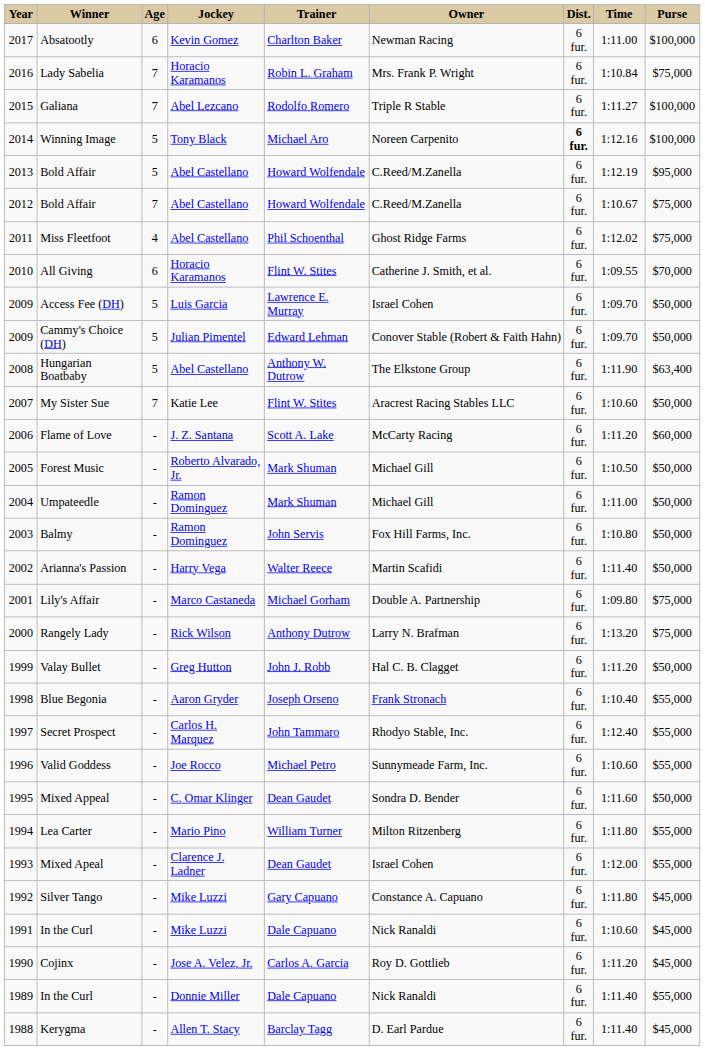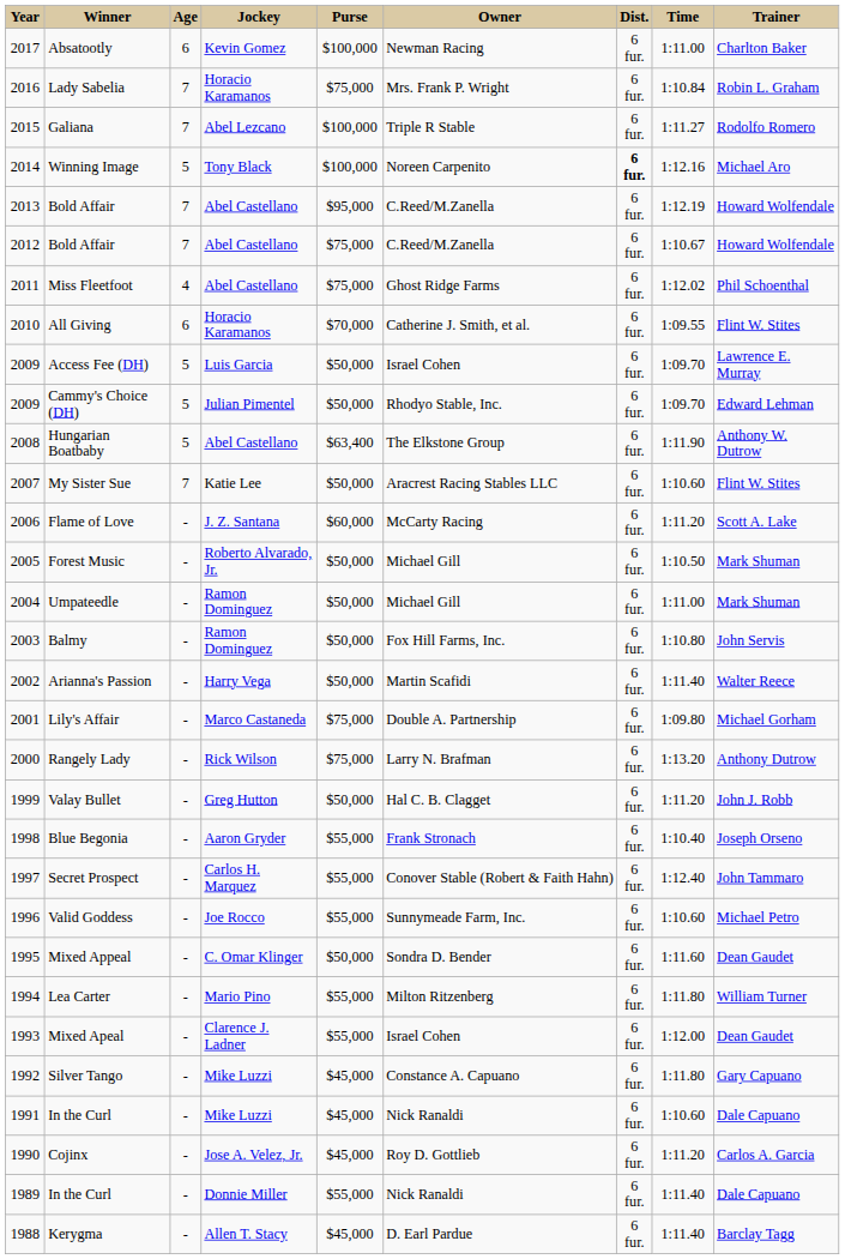 <table class="wikitable sortable">
 <tr>
 <th style="background-color:#DACAA5; width:36px">Year <br></th>
 <th style="background-color:#DACAA5; width:130px">Winner <br></th>
 <th style="background-color:#DACAA5; width:16px">Age <br></th>
 <th style="background-color:#DACAA5; width:120px">Jockey <br></th>
-<th style="background-color:#DACAA5; width:130px">Trainer <br></th>
+<th style="background-color:#DACAA5; width:65px">Purse <br></th>
 <th style="background-color:#DACAA5;">Owner <br></th>
 <th style="background-color:#DACAA5; width:30px">Dist.<br></th>
 <th style="background-color:#DACAA5; width:60px">Time <br></th>
-<th style="background-color:#DACAA5; width:65px">Purse <br></th>
+<th style="background-color:#DACAA5; width:130px">Trainer <br></th>
 </tr>
 <tr>
 <td align=center>2017</td>
 <td>Absatootly</td>
 <td align=center>6</td>
 <td><a href='#'>Kevin Gomez</a></td>
-<td><a href='#'>Charlton Baker</a></td>
+<td align=center>$100,000</td>
 <td>Newman Racing</td>
 <td align=center>6 fur.</td>
 <td align=center>1:11.00</td>
-<td align=center>$100,000</td>
+<td><a href='#'>Charlton Baker</a></td>
 </tr>
 <tr>
 <td align=center>2016</td>
 <td>Lady Sabelia</td>
 <td align=center>7</td>
 <td><a href='#'>Horacio Karamanos</a></td>
-<td><a href='#'>Robin L. Graham</a></td>
+<td align=center>$75,000</td>
 <td>Mrs. Frank P. Wright</td>
 <td align=center>6 fur.</td>
 <td align=center>1:10.84</td>
-<td align=center>$75,000</td>
+<td><a href='#'>Robin L. Graham</a></td>
 </tr>
 <tr>
 <td align=center>2015</td>
 <td>Galiana</td>
 <td align=center>7</td>
 <td><a href='#'>Abel Lezcano</a></td>
-<td><a href='#'>Rodolfo Romero</a></td>
+<td align=center>$100,000</td>
 <td>Triple R Stable</td>
 <td align=center>6 fur.</td>
 <td align=center>1:11.27</td>
-<td align=center>$100,000</td>
+<td><a href='#'>Rodolfo Romero</a></td>
 </tr>
 <tr>
 <td align=center>2014</td>
 <td>Winning Image</td>
 <td align=center>5</td>
 <td><a href='#'>Tony Black</a></td>
-<td><a href='#'>Michael Aro</a></td>
+<td align=center>$100,000</td>
 <td>Noreen Carpenito</td>
 <td align=center><strong>6 fur.</strong></td>
 <td align=center>1:12.16</td>
-<td align=center>$100,000</td>
+<td><a href='#'>Michael Aro</a></td>
 </tr>
 <tr>
 <td align=center>2013</td>
 <td>Bold Affair</td>
-<td align=center>5</td>
+<td align=center>7</td>
 <td><a href='#'>Abel Castellano</a></td>
-<td><a href='#'>Howard Wolfendale</a></td>
+<td align=center>$95,000</td>
 <td>C.Reed/M.Zanella</td>
 <td align=center>6 fur.</td>
 <td align=center>1:12.19</td>
-<td align=center>$95,000</td>
+<td><a href='#'>Howard Wolfendale</a></td>
 </tr>
 <tr>
 <td align=center>2012</td>
 <td>Bold Affair</td>
 <td align=center>7</td>
 <td><a href='#'>Abel Castellano</a></td>
-<td><a href='#'>Howard Wolfendale</a></td>
+<td align=center>$75,000</td>
 <td>C.Reed/M.Zanella</td>
 <td align=center>6 fur.</td>
 <td align=center>1:10.67</td>
-<td align=center>$75,000</td>
+<td><a href='#'>Howard Wolfendale</a></td>
 </tr>
 <tr>
 <td align=center>2011</td>
 <td>Miss Fleetfoot</td>
 <td align=center>4</td>
 <td><a href='#'>Abel Castellano</a></td>
-<td><a href='#'>Phil Schoenthal</a></td>
+<td align=center>$75,000</td>
 <td>Ghost Ridge Farms</td>
 <td align=center>6 fur.</td>
 <td align=center>1:12.02</td>
-<td align=center>$75,000</td>
+<td><a href='#'>Phil Schoenthal</a></td>
 </tr>
 <tr>
 <td align=center>2010</td>
 <td>All Giving</td>
 <td align=center>6</td>
 <td><a href='#'>Horacio Karamanos</a></td>
-<td><a href='#'>Flint W. Stites</a></td>
+<td align=center>$70,000</td>
 <td>Catherine J. Smith, et al.</td>
 <td align=center>6 fur.</td>
 <td align=center>1:09.55</td>
-<td align=center>$70,000</td>
+<td><a href='#'>Flint W. Stites</a></td>
 </tr>
 <tr>
 <td align=center>2009</td>
 <td>Access Fee (<a href='#'>DH</a>)</td>
 <td align=center>5</td>
 <td><a href='#'>Luis Garcia</a></td>
-<td><a href='#'>Lawrence E. Murray</a></td>
+<td align=center>$50,000</td>
 <td>Israel Cohen</td>
 <td align=center>6 fur.</td>
 <td align=center>1:09.70</td>
-<td align=center>$50,000</td>
+<td><a href='#'>Lawrence E. Murray</a></td>
 </tr>
 <tr>
 <td align=center>2009</td>
 <td>Cammy's Choice (<a href='#'>DH</a>)</td>
 <td align=center>5</td>
 <td><a href='#'>Julian Pimentel</a></td>
-<td><a href='#'>Edward Lehman</a></td>
-<td>Conover Stable (Robert & Faith Hahn)</td>
+<td align=center>$50,000</td>
+<td>Rhodyo Stable, Inc.</td>
 <td align=center>6 fur.</td>
 <td align=center>1:09.70</td>
-<td align=center>$50,000</td>
+<td><a href='#'>Edward Lehman</a></td>
 </tr>
 <tr>
 <td align=center>2008</td>
 <td>Hungarian Boatbaby</td>
 <td align=center>5</td>
 <td><a href='#'>Abel Castellano</a></td>
-<td><a href='#'>Anthony W. Dutrow</a></td>
+<td align=center>$63,400</td>
 <td>The Elkstone Group</td>
 <td align=center>6 fur.</td>
 <td align=center>1:11.90</td>
-<td align=center>$63,400</td>
+<td><a href='#'>Anthony W. Dutrow</a></td>
 </tr>
 <tr>
 <td align=center>2007</td>
 <td>My Sister Sue</td>
 <td align=center>7</td>
 <td>Katie Lee</td>
-<td><a href='#'>Flint W. Stites</a></td>
+<td align=center>$50,000</td>
 <td>Aracrest Racing Stables LLC</td>
 <td align=center>6 fur.</td>
 <td align=center>1:10.60</td>
-<td align=center>$50,000</td>
+<td><a href='#'>Flint W. Stites</a></td>
 </tr>
 <tr>
 <td align=center>2006</td>
 <td>Flame of Love</td>
 <td align=center>-</td>
 <td><a href='#'>J. Z. Santana</a></td>
-<td><a href='#'>Scott A. Lake</a></td>
+<td align=center>$60,000</td>
 <td>McCarty Racing</td>
 <td align=center>6 fur.</td>
 <td align=center>1:11.20</td>
-<td align=center>$60,000</td>
+<td><a href='#'>Scott A. Lake</a></td>
 </tr>
 <tr>
 <td align=center>2005</td>
 <td>Forest Music</td>
 <td align=center>-</td>
 <td><a href='#'>Roberto Alvarado, Jr.</a></td>
-<td><a href='#'>Mark Shuman</a></td>
+<td align=center>$50,000</td>
 <td>Michael Gill</td>
 <td align=center>6 fur.</td>
 <td align=center>1:10.50</td>
-<td align=center>$50,000</td>
+<td><a href='#'>Mark Shuman</a></td>
 </tr>
 <tr>
 <td align=center>2004</td>
 <td>Umpateedle</td>
 <td align=center>-</td>
 <td><a href='#'>Ramon Dominguez</a></td>
-<td><a href='#'>Mark Shuman</a></td>
+<td align=center>$50,000</td>
 <td>Michael Gill</td>
 <td align=center>6 fur.</td>
 <td align=center>1:11.00</td>
-<td align=center>$50,000</td>
+<td><a href='#'>Mark Shuman</a></td>
 </tr>
 <tr>
 <td align=center>2003</td>
 <td>Balmy</td>
 <td align=center>-</td>
 <td><a href='#'>Ramon Dominguez</a></td>
-<td><a href='#'>John Servis</a></td>
+<td align=center>$50,000</td>
 <td>Fox Hill Farms, Inc.</td>
 <td align=center>6 fur.</td>
 <td align=center>1:10.80</td>
-<td align=center>$50,000</td>
+<td><a href='#'>John Servis</a></td>
 </tr>
 <tr>
 <td align=center>2002</td>
 <td>Arianna's Passion</td>
 <td align=center>-</td>
 <td><a href='#'>Harry Vega</a></td>
-<td><a href='#'>Walter Reece</a></td>
+<td align=center>$50,000</td>
 <td>Martin Scafidi</td>
 <td align=center>6 fur.</td>
 <td align=center>1:11.40</td>
-<td align=center>$50,000</td>
+<td><a href='#'>Walter Reece</a></td>
 </tr>
 <tr>
 <td align=center>2001</td>
 <td>Lily's Affair</td>
 <td align=center>-</td>
 <td><a href='#'>Marco Castaneda</a></td>
-<td><a href='#'>Michael Gorham</a></td>
+<td align=center>$75,000</td>
 <td>Double A. Partnership</td>
 <td align=center>6 fur.</td>
 <td align=center>1:09.80</td>
-<td align=center>$75,000</td>
+<td><a href='#'>Michael Gorham</a></td>
 </tr>
 <tr>
 <td align=center>2000</td>
 <td>Rangely Lady</td>
 <td align=center>-</td>
 <td><a href='#'>Rick Wilson</a></td>
-<td><a href='#'>Anthony Dutrow</a></td>
+<td align=center>$75,000</td>
 <td>Larry N. Brafman</td>
 <td align=center>6 fur.</td>
 <td align=center>1:13.20</td>
-<td align=center>$75,000</td>
+<td><a href='#'>Anthony Dutrow</a></td>
 </tr>
 <tr>
 <td align=center>1999</td>
 <td>Valay Bullet</td>
 <td align=center>-</td>
 <td><a href='#'>Greg Hutton</a></td>
-<td><a href='#'>John J. Robb</a></td>
+<td align=center>$50,000</td>
 <td>Hal C. B. Clagget</td>
 <td align=center>6 fur.</td>
 <td align=center>1:11.20</td>
-<td align=center>$50,000</td>
+<td><a href='#'>John J. Robb</a></td>
 </tr>
 <tr>
 <td align=center>1998</td>
 <td>Blue Begonia</td>
 <td align=center>-</td>
 <td><a href='#'>Aaron Gryder</a></td>
-<td><a href='#'>Joseph Orseno</a></td>
+<td align=center>$55,000</td>
 <td><a href='#'>Frank Stronach</a></td>
 <td align=center>6 fur.</td>
 <td align=center>1:10.40</td>
-<td align=center>$55,000</td>
+<td><a href='#'>Joseph Orseno</a></td>
 </tr>
 <tr>
 <td align=center>1997</td>
 <td>Secret Prospect</td>
 <td align=center>-</td>
 <td><a href='#'>Carlos H. Marquez</a></td>
-<td><a href='#'>John Tammaro</a></td>
-<td>Rhodyo Stable, Inc.</td>
+<td align=center>$55,000</td>
+<td>Conover Stable (Robert & Faith Hahn)</td>
 <td align=center>6 fur.</td>
 <td align=center>1:12.40</td>
-<td align=center>$55,000</td>
+<td><a href='#'>John Tammaro</a></td>
 </tr>
 <tr>
 <td align=center>1996</td>
 <td>Valid Goddess</td>
 <td align=center>-</td>
 <td><a href='#'>Joe Rocco</a></td>
-<td><a href='#'>Michael Petro</a></td>
+<td align=center>$55,000</td>
 <td>Sunnymeade Farm, Inc.</td>
 <td align=center>6 fur.</td>
 <td align=center>1:10.60</td>
-<td align=center>$55,000</td>
+<td><a href='#'>Michael Petro</a></td>
 </tr>
 <tr>
 <td align=center>1995</td>
 <td>Mixed Appeal</td>
 <td align=center>-</td>
 <td><a href='#'>C. Omar Klinger</a></td>
-<td><a href='#'>Dean Gaudet</a></td>
+<td align=center>$50,000</td>
 <td>Sondra D. Bender</td>
 <td align=center>6 fur.</td>
 <td align=center>1:11.60</td>
-<td align=center>$50,000</td>
+<td><a href='#'>Dean Gaudet</a></td>
 </tr>
 <tr>
 <td align=center>1994</td>
 <td>Lea Carter</td>
 <td align=center>-</td>
 <td><a href='#'>Mario Pino</a></td>
-<td><a href='#'>William Turner</a></td>
+<td align=center>$55,000</td>
 <td>Milton Ritzenberg</td>
 <td align=center>6 fur.</td>
 <td align=center>1:11.80</td>
-<td align=center>$55,000</td>
+<td><a href='#'>William Turner</a></td>
 </tr>
 <tr>
 <td align=center>1993</td>
 <td>Mixed Apeal</td>
 <td align=center>-</td>
 <td><a href='#'>Clarence J. Ladner</a></td>
-<td><a href='#'>Dean Gaudet</a></td>
+<td align=center>$55,000</td>
 <td>Israel Cohen</td>
 <td align=center>6 fur.</td>
 <td align=center>1:12.00</td>
-<td align=center>$55,000</td>
+<td><a href='#'>Dean Gaudet</a></td>
 </tr>
 <tr>
 <td align=center>1992</td>
 <td>Silver Tango</td>
 <td align=center>-</td>
 <td><a href='#'>Mike Luzzi</a></td>
-<td><a href='#'>Gary Capuano</a></td>
+<td align=center>$45,000</td>
 <td>Constance A. Capuano</td>
 <td align=center>6 fur.</td>
 <td align=center>1:11.80</td>
-<td align=center>$45,000</td>
+<td><a href='#'>Gary Capuano</a></td>
 </tr>
 <tr>
 <td align=center>1991</td>
 <td>In the Curl</td>
 <td align=center>-</td>
 <td><a href='#'>Mike Luzzi</a></td>
-<td><a href='#'>Dale Capuano</a></td>
+<td align=center>$45,000</td>
 <td>Nick Ranaldi</td>
 <td align=center>6 fur.</td>
 <td align=center>1:10.60</td>
-<td align=center>$45,000</td>
+<td><a href='#'>Dale Capuano</a></td>
 </tr>
 <tr>
 <td align=center>1990</td>
 <td>Cojinx</td>
 <td align=center>-</td>
 <td><a href='#'>Jose A. Velez, Jr.</a></td>
-<td><a href='#'>Carlos A. Garcia</a></td>
+<td align=center>$45,000</td>
 <td>Roy D. Gottlieb</td>
 <td align=center>6 fur.</td>
 <td align=center>1:11.20</td>
-<td align=center>$45,000</td>
+<td><a href='#'>Carlos A. Garcia</a></td>
 </tr>
 <tr>
 <td align=center>1989</td>
 <td>In the Curl</td>
 <td align=center>-</td>
 <td><a href='#'>Donnie Miller</a></td>
-<td><a href='#'>Dale Capuano</a></td>
+<td align=center>$55,000</td>
 <td>Nick Ranaldi</td>
 <td align=center>6 fur.</td>
 <td align=center>1:11.40</td>
-<td align=center>$55,000</td>
+<td><a href='#'>Dale Capuano</a></td>
 </tr>
 <tr>
 <td align=center>1988</td>
 <td>Kerygma</td>
 <td align=center>-</td>
 <td><a href='#'>Allen T. Stacy</a></td>
-<td><a href='#'>Barclay Tagg</a></td>
+<td align=center>$45,000</td>
 <td>D. Earl Pardue</td>
 <td align=center>6 fur.</td>
 <td align=center>1:11.40</td>
-<td align=center>$45,000</td>
+<td><a href='#'>Barclay Tagg</a></td>
 </tr>
 </table>
